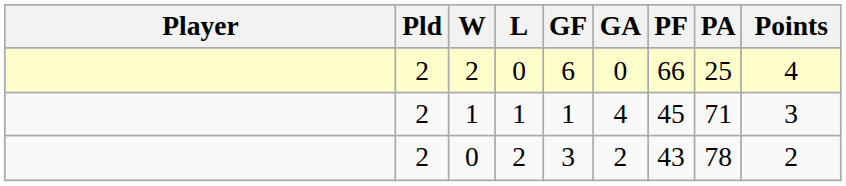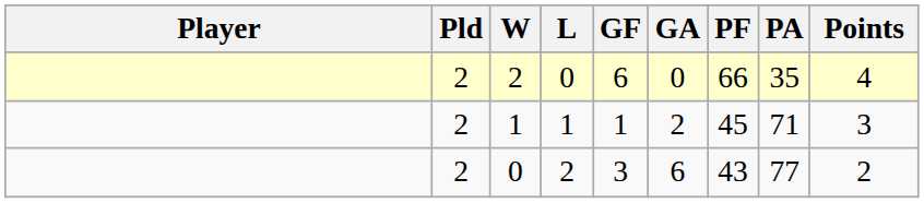 <table class=wikitable style="text-align:center;">
 <tr>
 <th width=220>Player</th>
 <th width=20>Pld</th>
 <th width=20>W</th>
 <th width=20>L</th>
 <th width=20>GF</th>
 <th width=20>GA</th>
 <th width=20>PF</th>
 <th width=20>PA</th>
 <th width=50>Points</th>
 </tr>
 <tr bgcolor=#ffffcc>
 <td style="text-align:left;"></td>
 <td>2</td>
 <td>2</td>
 <td>0</td>
 <td>6</td>
 <td>0</td>
 <td>66</td>
-<td>25</td>
+<td>35</td>
 <td>4</td>
 </tr>
 <tr>
 <td style="text-align:left;"></td>
 <td>2</td>
 <td>1</td>
 <td>1</td>
 <td>1</td>
-<td>4</td>
+<td>2</td>
 <td>45</td>
 <td>71</td>
 <td>3</td>
 </tr>
 <tr>
 <td style="text-align:left;"></td>
 <td>2</td>
 <td>0</td>
 <td>2</td>
 <td>3</td>
-<td>2</td>
+<td>6</td>
 <td>43</td>
-<td>78</td>
+<td>77</td>
 <td>2</td>
 </tr>
 </table>
